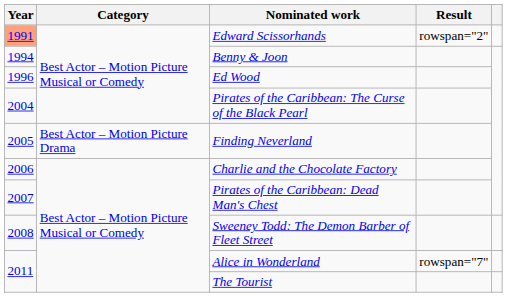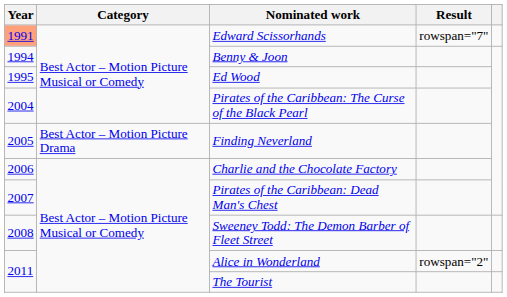 <table class="wikitable sortable">
 <tr>
 <th scope="col" style="width:1em;">Year</th>
 <th scope="col" style="width:29em;">Category</th>
 <th scope="col" style="width:34em;">Nominated work</th>
 <th scope="col" style="width:5em;">Result</th>
 <th scope="col" style="width:1em;" class="unsortable"></th>
 </tr>
 <tr>
 <td style="background: lightsalmon;"><a href='#'>1991</a></td>
 <td rowspan="4"><a href='#'>Best Actor – Motion Picture Musical or Comedy</a></td>
 <td><em><a href='#'>Edward Scissorhands</a></em></td>
-<td>rowspan="2" </td>
+<td>rowspan="7" </td>
 <td></td>
 </tr>
 <tr>
 <td><a href='#'>1994</a></td>
 <td><em><a href='#'>Benny & Joon</a></em></td>
 <td></td>
 </tr>
 <tr>
-<td><a href='#'>1996</a></td>
+<td><a href='#'>1995</a></td>
 <td><em><a href='#'>Ed Wood</a></em></td>
 <td></td>
 </tr>
 <tr>
 <td><a href='#'>2004</a></td>
 <td><em><a href='#'>Pirates of the Caribbean: The Curse of the Black Pearl</a></em></td>
 <td></td>
 </tr>
 <tr>
 <td><a href='#'>2005</a></td>
 <td><a href='#'>Best Actor – Motion Picture Drama</a></td>
 <td><em><a href='#'>Finding Neverland</a></em></td>
 <td></td>
 </tr>
 <tr>
 <td><a href='#'>2006</a></td>
 <td rowspan="5"><a href='#'>Best Actor – Motion Picture Musical or Comedy</a></td>
 <td><em><a href='#'>Charlie and the Chocolate Factory</a></em></td>
 <td></td>
 </tr>
 <tr>
 <td><a href='#'>2007</a></td>
 <td><em><a href='#'>Pirates of the Caribbean: Dead Man's Chest</a></em></td>
 <td></td>
 </tr>
 <tr>
 <td><a href='#'>2008</a></td>
 <td><em><a href='#'>Sweeney Todd: The Demon Barber of Fleet Street</a></em></td>
 <td></td>
 <td></td>
 </tr>
 <tr>
 <td rowspan="2"><a href='#'>2011</a></td>
 <td><em><a href='#'>Alice in Wonderland</a></em></td>
-<td>rowspan="7" </td>
+<td>rowspan="2" </td>
 <td></td>
 </tr>
 <tr>
 <td><em><a href='#'>The Tourist</a></em></td>
 <td></td>
 </tr>
 </table>
